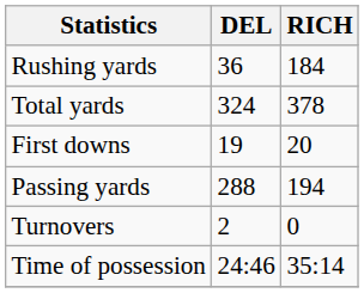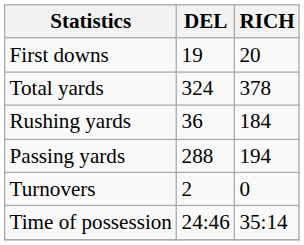 <table class="wikitable" style="float: left;">
 <tr>
 <th>Statistics</th>
 <th>DEL</th>
 <th>RICH</th>
 </tr>
 <tr>
-<td>Rushing yards</td>
-<td>36</td>
-<td>184</td>
+<td>First downs</td>
+<td>19</td>
+<td>20</td>
 </tr>
 <tr>
 <td>Total yards</td>
 <td>324</td>
 <td>378</td>
 </tr>
 <tr>
-<td>First downs</td>
-<td>19</td>
-<td>20</td>
+<td>Rushing yards</td>
+<td>36</td>
+<td>184</td>
 </tr>
 <tr>
 <td>Passing yards</td>
 <td>288</td>
 <td>194</td>
 </tr>
 <tr>
 <td>Turnovers</td>
 <td>2</td>
 <td>0</td>
 </tr>
 <tr>
 <td>Time of possession</td>
 <td>24:46</td>
 <td>35:14</td>
 </tr>
 <tr>
 </tr>
 </table>
